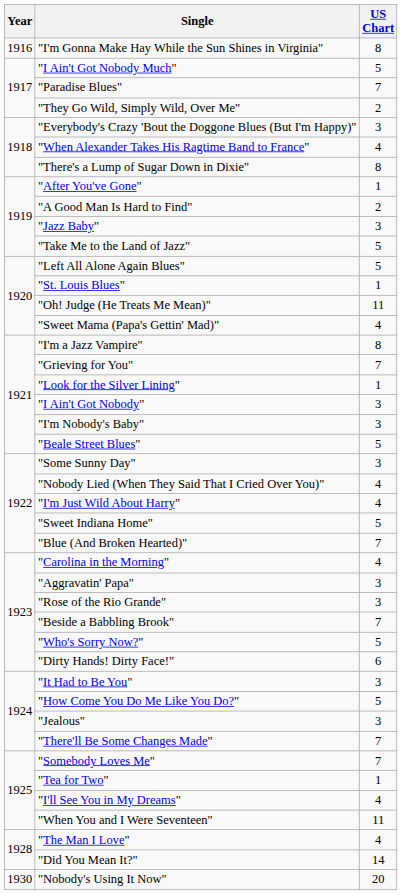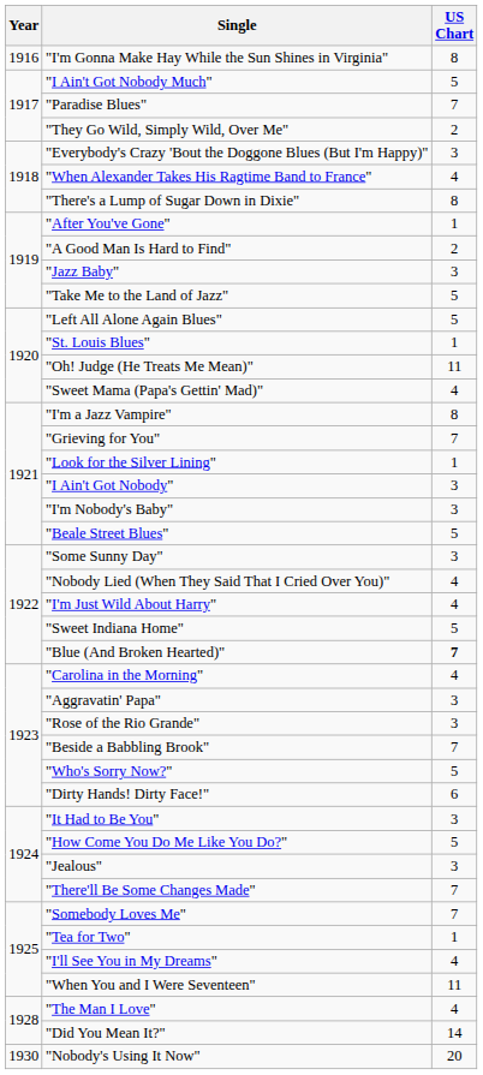 <table class="wikitable">
 <tr>
 <th>Year</th>
 <th>Single</th>
 <th><a href='#'>US<br>Chart</a></th>
 </tr>
 <tr>
 <td>1916</td>
 <td>"I'm Gonna Make Hay While the Sun Shines in Virginia"</td>
 <td style="text-align:center;">8</td>
 </tr>
 <tr>
 <td rowspan="3">1917</td>
 <td>"<a href='#'>I Ain't Got Nobody Much</a>"</td>
 <td style="text-align:center;">5</td>
 </tr>
 <tr>
 <td>"Paradise Blues"</td>
 <td style="text-align:center;">7</td>
 </tr>
 <tr>
 <td>"They Go Wild, Simply Wild, Over Me"</td>
 <td style="text-align:center;">2</td>
 </tr>
 <tr>
 <td rowspan="3">1918</td>
 <td>"Everybody's Crazy 'Bout the Doggone Blues (But I'm Happy)"</td>
 <td style="text-align:center;">3</td>
 </tr>
 <tr>
 <td>"<a href='#'>When Alexander Takes His Ragtime Band to France</a>"</td>
 <td style="text-align:center;">4</td>
 </tr>
 <tr>
 <td>"There's a Lump of Sugar Down in Dixie"</td>
 <td style="text-align:center;">8</td>
 </tr>
 <tr>
 <td rowspan="4">1919</td>
 <td>"<a href='#'>After You've Gone</a>"</td>
 <td style="text-align:center;">1</td>
 </tr>
 <tr>
 <td>"A Good Man Is Hard to Find"</td>
 <td style="text-align:center;">2</td>
 </tr>
 <tr>
 <td>"<a href='#'>Jazz Baby</a>"</td>
 <td style="text-align:center;">3</td>
 </tr>
 <tr>
 <td>"Take Me to the Land of Jazz"</td>
 <td style="text-align:center;">5</td>
 </tr>
 <tr>
 <td rowspan="4">1920</td>
 <td>"Left All Alone Again Blues"</td>
 <td style="text-align:center;">5</td>
 </tr>
 <tr>
 <td>"<a href='#'>St. Louis Blues</a>"</td>
 <td style="text-align:center;">1</td>
 </tr>
 <tr>
 <td>"Oh! Judge (He Treats Me Mean)"</td>
 <td style="text-align:center;">11</td>
 </tr>
 <tr>
 <td>"Sweet Mama (Papa's Gettin' Mad)"</td>
 <td style="text-align:center;">4</td>
 </tr>
 <tr>
 <td rowspan="6">1921</td>
 <td>"I'm a Jazz Vampire"</td>
 <td style="text-align:center;">8</td>
 </tr>
 <tr>
 <td>"Grieving for You"</td>
 <td style="text-align:center;">7</td>
 </tr>
 <tr>
 <td>"<a href='#'>Look for the Silver Lining</a>"</td>
 <td style="text-align:center;">1</td>
 </tr>
 <tr>
 <td>"<a href='#'>I Ain't Got Nobody</a>"</td>
 <td style="text-align:center;">3</td>
 </tr>
 <tr>
 <td>"I'm Nobody's Baby"</td>
 <td style="text-align:center;">3</td>
 </tr>
 <tr>
 <td>"<a href='#'>Beale Street Blues</a>"</td>
 <td style="text-align:center;">5</td>
 </tr>
 <tr>
 <td rowspan="5">1922</td>
 <td>"Some Sunny Day"</td>
 <td style="text-align:center;">3</td>
 </tr>
 <tr>
 <td>"Nobody Lied (When They Said That I Cried Over You)"</td>
 <td style="text-align:center;">4</td>
 </tr>
 <tr>
 <td>"<a href='#'>I'm Just Wild About Harry</a>"</td>
 <td style="text-align:center;">4</td>
 </tr>
 <tr>
 <td>"Sweet Indiana Home"</td>
 <td style="text-align:center;">5</td>
 </tr>
 <tr>
 <td>"Blue (And Broken Hearted)"</td>
-<td style="text-align:center;">7</td>
+<td style="text-align:center;"><strong>7</strong></td>
 </tr>
 <tr>
 <td rowspan="6">1923</td>
 <td>"<a href='#'>Carolina in the Morning</a>"</td>
 <td style="text-align:center;">4</td>
 </tr>
 <tr>
 <td>"Aggravatin' Papa"</td>
 <td style="text-align:center;">3</td>
 </tr>
 <tr>
 <td>"Rose of the Rio Grande"</td>
 <td style="text-align:center;">3</td>
 </tr>
 <tr>
 <td>"Beside a Babbling Brook"</td>
 <td style="text-align:center;">7</td>
 </tr>
 <tr>
 <td>"<a href='#'>Who's Sorry Now?</a>"</td>
 <td style="text-align:center;">5</td>
 </tr>
 <tr>
 <td>"Dirty Hands! Dirty Face!"</td>
 <td style="text-align:center;">6</td>
 </tr>
 <tr>
 <td rowspan="4">1924</td>
 <td>"<a href='#'>It Had to Be You</a>"</td>
 <td style="text-align:center;">3</td>
 </tr>
 <tr>
 <td>"<a href='#'>How Come You Do Me Like You Do?</a>"</td>
 <td style="text-align:center;">5</td>
 </tr>
 <tr>
 <td>"Jealous"</td>
 <td style="text-align:center;">3</td>
 </tr>
 <tr>
 <td>"<a href='#'>There'll Be Some Changes Made</a>"</td>
 <td style="text-align:center;">7</td>
 </tr>
 <tr>
 <td rowspan="4">1925</td>
 <td>"<a href='#'>Somebody Loves Me</a>"</td>
 <td style="text-align:center;">7</td>
 </tr>
 <tr>
 <td>"<a href='#'>Tea for Two</a>"</td>
 <td style="text-align:center;">1</td>
 </tr>
 <tr>
 <td>"<a href='#'>I'll See You in My Dreams</a>"</td>
 <td style="text-align:center;">4</td>
 </tr>
 <tr>
 <td>"When You and I Were Seventeen"</td>
 <td style="text-align:center;">11</td>
 </tr>
 <tr>
 <td rowspan="2">1928</td>
 <td>"<a href='#'>The Man I Love</a>"</td>
 <td style="text-align:center;">4</td>
 </tr>
 <tr>
 <td>"Did You Mean It?"</td>
 <td style="text-align:center;">14</td>
 </tr>
 <tr>
 <td>1930</td>
 <td>"Nobody's Using It Now"</td>
 <td style="text-align:center;">20</td>
 </tr>
 </table>
